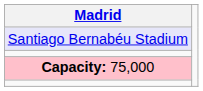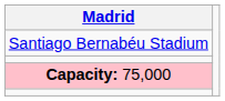 <table class="wikitable" style="text-align:center">
 <tr>
 <th><a href='#'>Madrid</a></th>
 <td rowspan="5"></td>
 </tr>
 <tr>
-<td style="background: lavender;"><a href='#'>Santiago Bernabéu Stadium</a></td>
+<td><a href='#'>Santiago Bernabéu Stadium</a></td>
 </tr>
 <tr>
 <td></td>
 </tr>
 <tr>
 <td style="background: pink;"><strong>Capacity:</strong> 75,000</td>
 </tr>
 <tr>
 <td></td>
 </tr>
 </table>
